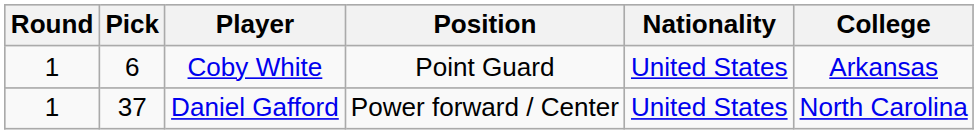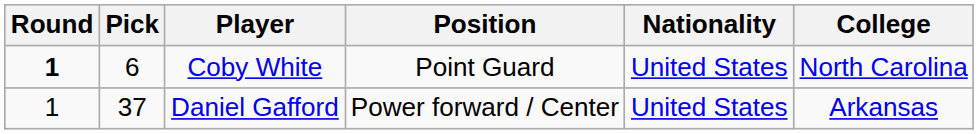 <table class="wikitable sortable sortable">
 <tr>
 <th>Round</th>
 <th>Pick</th>
 <th>Player</th>
 <th>Position</th>
 <th>Nationality</th>
 <th>College</th>
 </tr>
 <tr style="text-align: center">
-<td>1</td>
+<td><strong>1</strong></td>
 <td>6</td>
 <td><a href='#'>Coby White</a></td>
 <td>Point Guard</td>
 <td> <a href='#'>United States</a></td>
-<td><a href='#'>Arkansas</a></td>
+<td><a href='#'>North Carolina</a></td>
 </tr>
 <tr style="text-align: center">
 <td>1</td>
 <td>37</td>
 <td><a href='#'>Daniel Gafford</a></td>
 <td>Power forward / Center</td>
 <td> <a href='#'>United States</a></td>
-<td><a href='#'>North Carolina</a></td>
+<td><a href='#'>Arkansas</a></td>
 </tr>
 </table>
